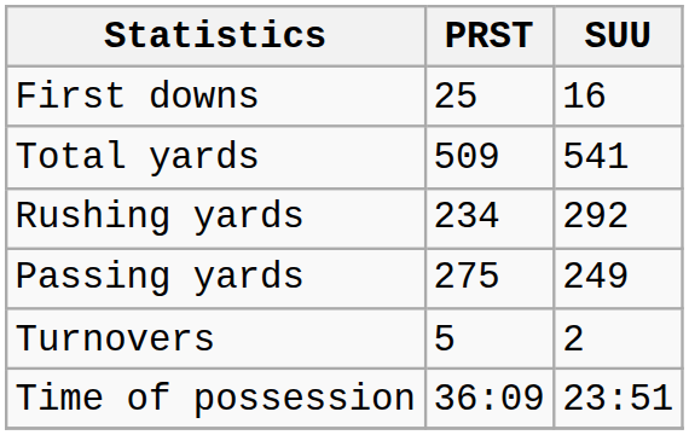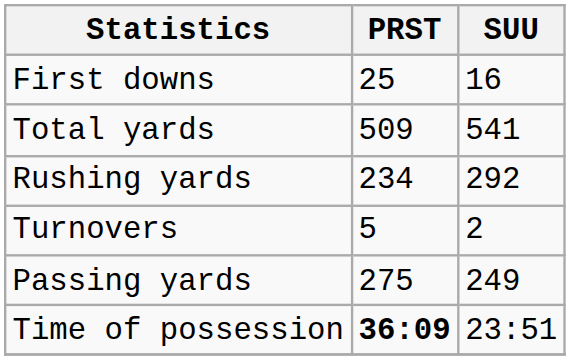 <table class="wikitable">
 <tr>
 <th>Statistics</th>
 <th>PRST</th>
 <th>SUU</th>
 </tr>
 <tr>
 <td>First downs</td>
 <td>25</td>
 <td>16</td>
 </tr>
 <tr>
 <td>Total yards</td>
 <td>509</td>
 <td>541</td>
 </tr>
 <tr>
 <td>Rushing yards</td>
 <td>234</td>
 <td>292</td>
 </tr>
 <tr>
+<td>Turnovers</td>
+<td>5</td>
+<td>2</td>
+</tr>
+<tr>
 <td>Passing yards</td>
 <td>275</td>
 <td>249</td>
 </tr>
 <tr>
-<td>Turnovers</td>
-<td>5</td>
-<td>2</td>
-</tr>
-<tr>
 <td>Time of possession</td>
-<td>36:09</td>
+<td><strong>36:09</strong></td>
 <td>23:51</td>
 </tr>
 <tr>
 </tr>
 </table>
